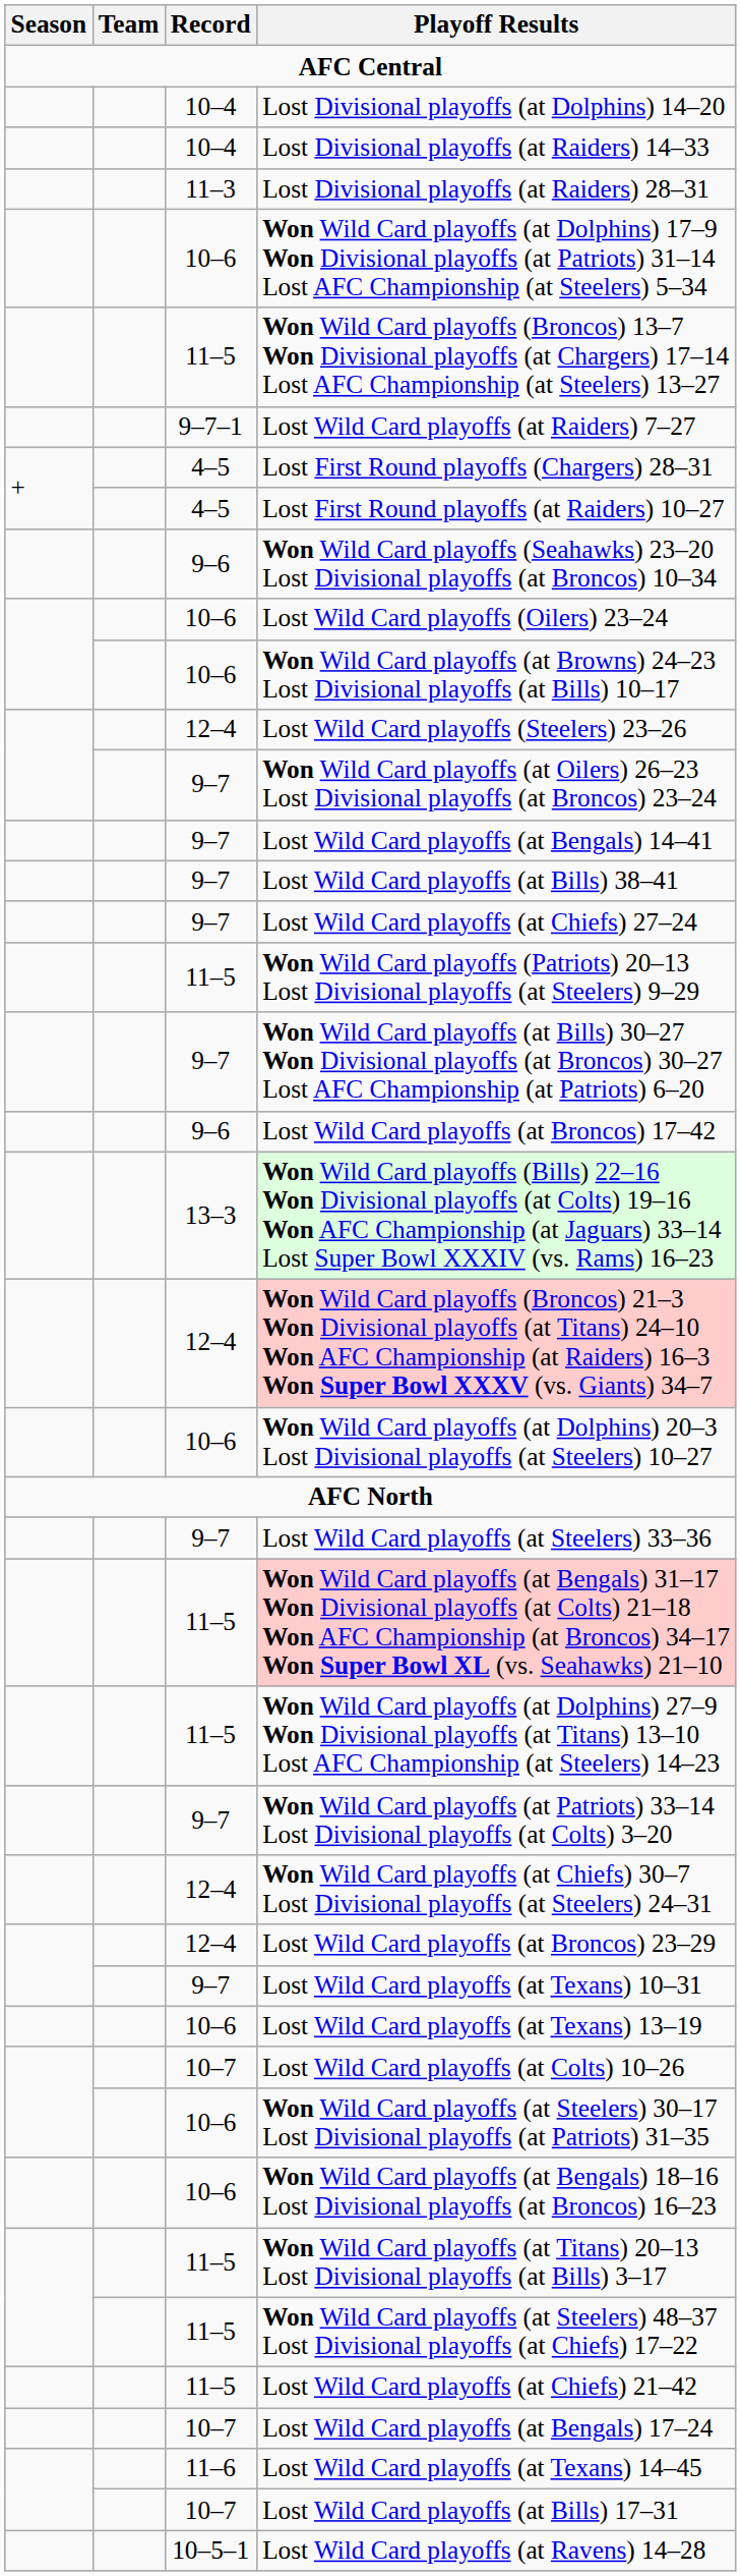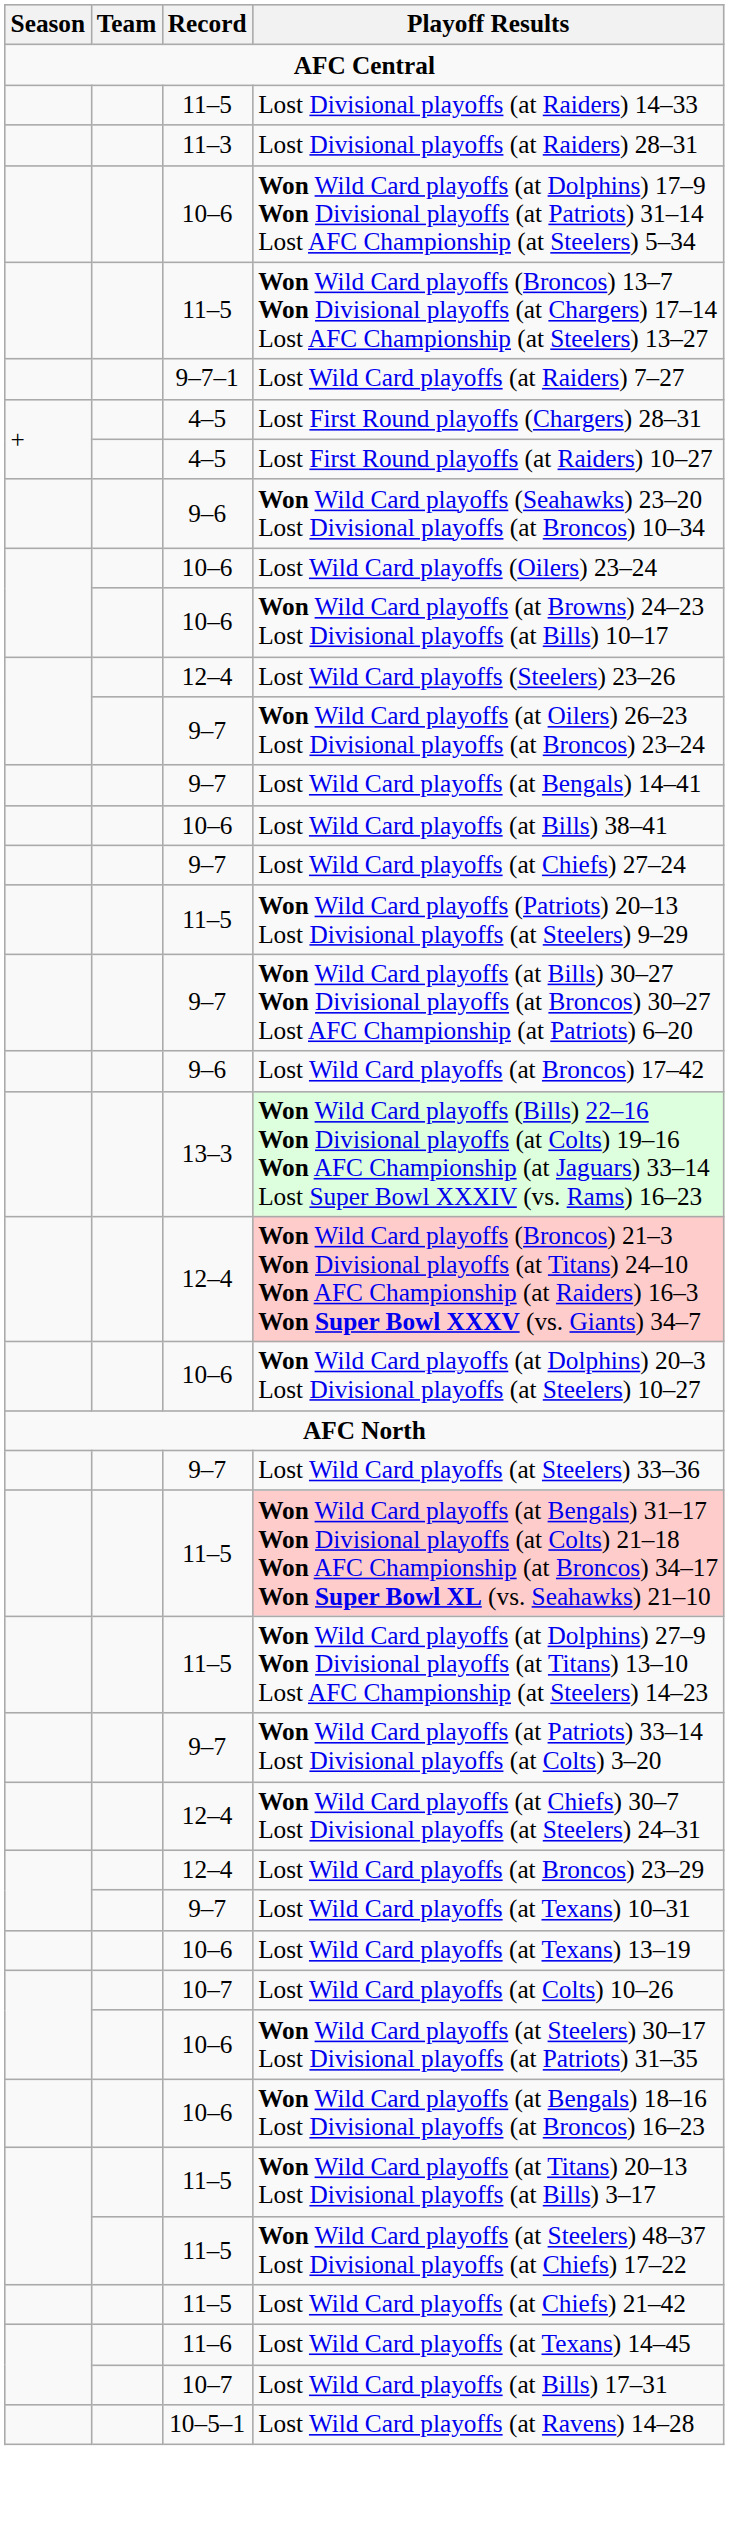 <table class="wikitable">
 <tr style="background:#efefef;">
 <th>Season</th>
 <th>Team</th>
 <th>Record</th>
 <th>Playoff Results</th>
 </tr>
 <tr>
 <td colspan="4" style="text-align:center;"><strong>AFC Central</strong></td>
 </tr>
 <tr>
 <td></td>
 <td><strong><a href='#'></a></strong></td>
-<td align="center">10–4</td>
-<td>Lost <a href='#'>Divisional playoffs</a> (at <a href='#'>Dolphins</a>) 14–20</td>
-</tr>
-<tr>
-<td></td>
-<td><strong><a href='#'></a></strong></td>
-<td align="center">10–4</td>
+<td align="center">11–5</td>
 <td>Lost <a href='#'>Divisional playoffs</a> (at <a href='#'>Raiders</a>) 14–33</td>
 </tr>
 <tr>
 <td></td>
 <td><strong><a href='#'></a></strong></td>
 <td align="center">11–3</td>
 <td>Lost <a href='#'>Divisional playoffs</a> (at <a href='#'>Raiders</a>) 28–31</td>
 </tr>
 <tr>
 <td></td>
 <td><strong><a href='#'></a></strong></td>
 <td align="center">10–6</td>
 <td><strong>Won</strong> <a href='#'>Wild Card playoffs</a> (at <a href='#'>Dolphins</a>) 17–9<br><strong>Won</strong> <a href='#'>Divisional playoffs</a> (at <a href='#'>Patriots</a>) 31–14<br>Lost <a href='#'>AFC Championship</a> (at <a href='#'>Steelers</a>) 5–34</td>
 </tr>
 <tr>
 <td></td>
 <td><strong><a href='#'></a></strong></td>
 <td align="center">11–5</td>
 <td><strong>Won</strong> <a href='#'>Wild Card playoffs</a> (<a href='#'>Broncos</a>) 13–7<br><strong>Won</strong> <a href='#'>Divisional playoffs</a> (at <a href='#'>Chargers</a>) 17–14<br>Lost <a href='#'>AFC Championship</a> (at <a href='#'>Steelers</a>) 13–27</td>
 </tr>
 <tr>
 <td></td>
 <td><strong><a href='#'></a></strong></td>
 <td align="center">9–7–1</td>
 <td>Lost <a href='#'>Wild Card playoffs</a> (at <a href='#'>Raiders</a>) 7–27</td>
 </tr>
 <tr>
 <td rowspan="2"> +</td>
 <td><strong><a href='#'></a></strong></td>
 <td align="center">4–5</td>
 <td>Lost <a href='#'>First Round playoffs</a> (<a href='#'>Chargers</a>) 28–31</td>
 </tr>
 <tr>
 <td><strong><a href='#'></a></strong></td>
 <td align="center">4–5</td>
 <td>Lost <a href='#'>First Round playoffs</a> (at <a href='#'>Raiders</a>) 10–27</td>
 </tr>
 <tr>
 <td></td>
 <td><strong><a href='#'></a></strong></td>
 <td align="center">9–6</td>
 <td><strong>Won</strong> <a href='#'>Wild Card playoffs</a> (<a href='#'>Seahawks</a>) 23–20 <br>Lost <a href='#'>Divisional playoffs</a> (at <a href='#'>Broncos</a>) 10–34</td>
 </tr>
 <tr>
 <td rowspan="2"></td>
 <td><strong><a href='#'></a></strong></td>
 <td align="center">10–6</td>
 <td>Lost <a href='#'>Wild Card playoffs</a> (<a href='#'>Oilers</a>) 23–24</td>
 </tr>
 <tr>
 <td><strong><a href='#'></a></strong></td>
 <td align="center">10–6</td>
 <td><strong>Won</strong> <a href='#'>Wild Card playoffs</a> (at <a href='#'>Browns</a>) 24–23<br>Lost <a href='#'>Divisional playoffs</a> (at <a href='#'>Bills</a>) 10–17</td>
 </tr>
 <tr>
 <td rowspan="2"></td>
 <td><strong><a href='#'></a></strong></td>
 <td align="center">12–4</td>
 <td>Lost <a href='#'>Wild Card playoffs</a> (<a href='#'>Steelers</a>) 23–26 </td>
 </tr>
 <tr>
 <td><strong><a href='#'></a></strong></td>
 <td align="center">9–7</td>
 <td><strong>Won</strong> <a href='#'>Wild Card playoffs</a> (at <a href='#'>Oilers</a>) 26–23  <br>Lost <a href='#'>Divisional playoffs</a> (at <a href='#'>Broncos</a>) 23–24</td>
 </tr>
 <tr>
 <td></td>
 <td><strong><a href='#'></a></strong></td>
 <td align="center">9–7</td>
 <td>Lost <a href='#'>Wild Card playoffs</a> (at <a href='#'>Bengals</a>) 14–41</td>
 </tr>
 <tr>
 <td></td>
 <td><strong><a href='#'></a></strong></td>
-<td align="center">9–7</td>
+<td align="center">10–6</td>
 <td>Lost <a href='#'>Wild Card playoffs</a> (at <a href='#'>Bills</a>) 38–41 </td>
 </tr>
 <tr>
 <td></td>
 <td><strong><a href='#'></a></strong></td>
 <td align="center">9–7</td>
 <td>Lost <a href='#'>Wild Card playoffs</a> (at <a href='#'>Chiefs</a>) 27–24 </td>
 </tr>
 <tr>
 <td></td>
 <td><strong><a href='#'></a></strong></td>
 <td align="center">11–5</td>
 <td><strong>Won</strong> <a href='#'>Wild Card playoffs</a> (<a href='#'>Patriots</a>) 20–13<br>Lost <a href='#'>Divisional playoffs</a> (at <a href='#'>Steelers</a>) 9–29</td>
 </tr>
 <tr>
 <td></td>
 <td><strong><a href='#'></a></strong></td>
 <td align="center">9–7</td>
 <td><strong>Won</strong> <a href='#'>Wild Card playoffs</a> (at <a href='#'>Bills</a>) 30–27<br><strong>Won</strong> <a href='#'>Divisional playoffs</a> (at <a href='#'>Broncos</a>) 30–27<br>Lost <a href='#'>AFC Championship</a> (at <a href='#'>Patriots</a>) 6–20</td>
 </tr>
 <tr>
 <td></td>
 <td><strong><a href='#'></a></strong></td>
 <td align="center">9–6</td>
 <td>Lost <a href='#'>Wild Card playoffs</a> (at <a href='#'>Broncos</a>) 17–42</td>
 </tr>
 <tr>
 <td></td>
 <td><strong><a href='#'></a></strong></td>
 <td align="center">13–3</td>
 <td bgcolor="#DDFFDD"><strong>Won</strong> <a href='#'>Wild Card playoffs</a> (<a href='#'>Bills</a>) <a href='#'>22–16</a><br><strong>Won</strong> <a href='#'>Divisional playoffs</a> (at <a href='#'>Colts</a>) 19–16<br><strong>Won</strong> <a href='#'>AFC Championship</a> (at <a href='#'>Jaguars</a>) 33–14<br>Lost <a href='#'>Super Bowl XXXIV</a> (vs. <a href='#'>Rams</a>) 16–23</td>
 </tr>
 <tr>
 <td></td>
 <td><strong><a href='#'></a></strong></td>
 <td align="center">12–4</td>
 <td style="background: #FFCCCC;" valign="top"><strong>Won</strong> <a href='#'>Wild Card playoffs</a> (<a href='#'>Broncos</a>) 21–3<br><strong>Won</strong> <a href='#'>Divisional playoffs</a> (at <a href='#'>Titans</a>) 24–10<br><strong>Won</strong> <a href='#'>AFC Championship</a> (at <a href='#'>Raiders</a>) 16–3<br><strong>Won <a href='#'>Super Bowl XXXV</a></strong> (vs. <a href='#'>Giants</a>) 34–7</td>
 </tr>
 <tr>
 <td></td>
 <td><strong><a href='#'></a></strong></td>
 <td align="center">10–6</td>
 <td><strong>Won</strong> <a href='#'>Wild Card playoffs</a> (at <a href='#'>Dolphins</a>) 20–3<br>Lost <a href='#'>Divisional playoffs</a> (at <a href='#'>Steelers</a>) 10–27</td>
 </tr>
 <tr>
 <td colspan="4" style="text-align:center;"><strong>AFC North</strong></td>
 </tr>
 <tr>
 <td></td>
 <td><strong><a href='#'></a></strong></td>
 <td align="center">9–7</td>
 <td>Lost <a href='#'>Wild Card playoffs</a> (at <a href='#'>Steelers</a>) 33–36</td>
 </tr>
 <tr>
 <td></td>
 <td><strong><a href='#'></a></strong></td>
 <td align="center">11–5</td>
 <td style="background: #FFCCCC;" valign="top"><strong>Won</strong> <a href='#'>Wild Card playoffs</a> (at <a href='#'>Bengals</a>) 31–17<br><strong>Won</strong> <a href='#'>Divisional playoffs</a> (at <a href='#'>Colts</a>) 21–18<br> <strong>Won</strong> <a href='#'>AFC Championship</a> (at <a href='#'>Broncos</a>) 34–17<br><strong>Won <a href='#'>Super Bowl XL</a></strong> (vs. <a href='#'>Seahawks</a>) 21–10</td>
 </tr>
 <tr>
 <td></td>
 <td><strong><a href='#'></a></strong></td>
 <td align="center">11–5</td>
 <td><strong>Won</strong> <a href='#'>Wild Card playoffs</a> (at <a href='#'>Dolphins</a>) 27–9<br> <strong>Won</strong> <a href='#'>Divisional playoffs</a> (at <a href='#'>Titans</a>) 13–10<br> Lost <a href='#'>AFC Championship</a> (at <a href='#'>Steelers</a>) 14–23</td>
 </tr>
 <tr>
 <td></td>
 <td><strong><a href='#'></a></strong></td>
 <td align="center">9–7</td>
 <td><strong>Won</strong> <a href='#'>Wild Card playoffs</a> (at <a href='#'>Patriots</a>) 33–14<br> Lost <a href='#'>Divisional playoffs</a> (at <a href='#'>Colts</a>) 3–20</td>
 </tr>
 <tr>
 <td></td>
 <td><strong><a href='#'></a></strong></td>
 <td align="center">12–4</td>
 <td><strong>Won</strong> <a href='#'>Wild Card playoffs</a> (at <a href='#'>Chiefs</a>) 30–7<br> Lost <a href='#'>Divisional playoffs</a> (at <a href='#'>Steelers</a>) 24–31</td>
 </tr>
 <tr>
 <td rowspan="2"></td>
 <td><strong><a href='#'></a></strong></td>
 <td align="center">12–4</td>
 <td>Lost <a href='#'>Wild Card playoffs</a> (at <a href='#'>Broncos</a>) 23–29 </td>
 </tr>
 <tr>
 <td><strong><a href='#'></a></strong></td>
 <td align="center">9–7</td>
 <td>Lost <a href='#'>Wild Card playoffs</a> (at <a href='#'>Texans</a>) 10–31</td>
 </tr>
 <tr>
 <td></td>
 <td><strong><a href='#'></a></strong></td>
 <td align="center">10–6</td>
 <td>Lost <a href='#'>Wild Card playoffs</a> (at <a href='#'>Texans</a>) 13–19</td>
 </tr>
 <tr>
 <td rowspan="2"></td>
 <td><strong><a href='#'></a></strong></td>
 <td align="center">10–7</td>
 <td>Lost <a href='#'>Wild Card playoffs</a> (at <a href='#'>Colts</a>) 10–26</td>
 </tr>
 <tr>
 <td><strong><a href='#'></a></strong></td>
 <td align="center">10–6</td>
 <td><strong>Won</strong> <a href='#'>Wild Card playoffs</a> (at <a href='#'>Steelers</a>) 30–17<br> Lost <a href='#'>Divisional playoffs</a> (at <a href='#'>Patriots</a>) 31–35</td>
 </tr>
 <tr>
 <td></td>
 <td><strong><a href='#'></a></strong></td>
 <td align="center">10–6</td>
 <td><strong>Won</strong> <a href='#'>Wild Card playoffs</a> (at <a href='#'>Bengals</a>) 18–16<br> Lost <a href='#'>Divisional playoffs</a> (at <a href='#'>Broncos</a>) 16–23</td>
 </tr>
 <tr>
 <td rowspan="2"></td>
 <td><strong><a href='#'></a></strong></td>
 <td align="center">11–5</td>
 <td><strong>Won</strong> <a href='#'>Wild Card playoffs</a> (at <a href='#'>Titans</a>) 20–13 <br>Lost <a href='#'>Divisional playoffs</a> (at <a href='#'>Bills</a>) 3–17</td>
 </tr>
 <tr>
 <td><strong><a href='#'></a></strong></td>
 <td align="center">11–5</td>
 <td><strong>Won</strong> <a href='#'>Wild Card playoffs</a> (at <a href='#'>Steelers</a>) 48–37 <br> Lost <a href='#'>Divisional playoffs</a> (at <a href='#'>Chiefs</a>) 17–22</td>
 </tr>
 <tr>
 <td></td>
 <td><strong><a href='#'></a></strong></td>
 <td align="center">11–5</td>
 <td>Lost <a href='#'>Wild Card playoffs</a> (at <a href='#'>Chiefs</a>) 21–42</td>
 </tr>
 <tr>
-<td></td>
-<td><strong><a href='#'></a></strong></td>
-<td align="center">10–7</td>
-<td>Lost <a href='#'>Wild Card playoffs</a> (at <a href='#'>Bengals</a>) 17–24</td>
-</tr>
-<tr>
 <td rowspan="2"></td>
 <td><strong><a href='#'></a></strong></td>
 <td align="center">11–6</td>
 <td>Lost <a href='#'>Wild Card playoffs</a> (at <a href='#'>Texans</a>) 14–45</td>
 </tr>
 <tr>
 <td><strong><a href='#'></a></strong></td>
 <td align="center">10–7</td>
 <td>Lost <a href='#'>Wild Card playoffs</a> (at <a href='#'>Bills</a>) 17–31</td>
 </tr>
 <tr>
 <td></td>
 <td><strong><a href='#'></a></strong></td>
 <td align="center">10–5–1</td>
 <td>Lost <a href='#'>Wild Card playoffs</a> (at <a href='#'>Ravens</a>) 14–28</td>
 </tr>
 </table>
